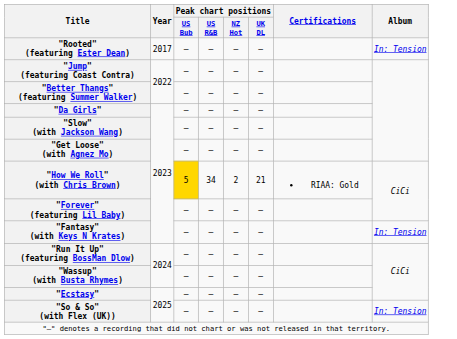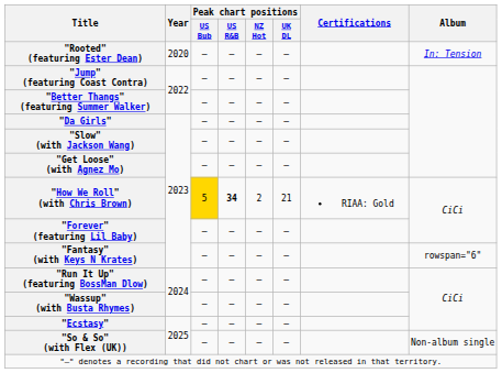 <table class="wikitable plainrowheaders" style="text-align:center;">
 <tr>
 <th scope="col" rowspan="2" style="width:18em;">Title</th>
 <th scope="col" rowspan="2">Year</th>
 <th scope="col" colspan="4">Peak chart positions</th>
 <th scope="col" rowspan="2" style="width:12em;"><a href='#'>Certifications</a></th>
 <th scope="col" rowspan="2">Album</th>
 </tr>
 <tr>
 <th scope="col" style="width:3em;font-size:90%;"><a href='#'>US Bub</a><br></th>
 <th scope="col" style="width:3em;font-size:90%;"><a href='#'>US R&B</a><br></th>
 <th scope="col" style="width:3em;font-size:90%;"><a href='#'>NZ Hot</a><br></th>
 <th scope="col" style="width:3em;font-size:90%;"><a href='#'>UK DL</a><br></th>
 </tr>
 <tr>
 <th scope="row">"Rooted"<br><span>(featuring <a href='#'>Ester Dean</a>)</span></th>
-<td>2017</td>
+<td>2020</td>
 <td>—</td>
 <td>—</td>
 <td>—</td>
 <td>—</td>
 <td></td>
 <td><em><a href='#'>In: Tension</a></em></td>
 </tr>
 <tr>
 <th scope="row">"<a href='#'>Jump</a>"<br><span>(featuring Coast Contra)</span></th>
 <td rowspan="2">2022</td>
 <td>—</td>
 <td>—</td>
 <td>—</td>
 <td>—</td>
 <td></td>
 </tr>
 <tr>
 <th scope="row">"<a href='#'>Better Thangs</a>"<br><span>(featuring <a href='#'>Summer Walker</a>)</span></th>
 <td>—</td>
 <td>—</td>
 <td>—</td>
 <td>—</td>
 <td></td>
 </tr>
 <tr>
 <th scope="row">"<a href='#'>Da Girls</a>"</th>
 <td rowspan="6">2023</td>
 <td>—</td>
 <td>—</td>
 <td>—</td>
 <td>—</td>
 <td></td>
 </tr>
 <tr>
 <th scope="row">"Slow"<br><span>(with <a href='#'>Jackson Wang</a>)</span></th>
 <td>—</td>
 <td>—</td>
 <td>—</td>
 <td>—</td>
 <td></td>
 </tr>
 <tr>
 <th scope="row">"Get Loose"<br><span>(with <a href='#'>Agnez Mo</a>)</span></th>
 <td>—</td>
 <td>—</td>
 <td>—</td>
 <td>—</td>
 <td></td>
 </tr>
 <tr>
 <th scope="row">"<a href='#'>How We Roll</a>"<br><span>(with <a href='#'>Chris Brown</a>)</span></th>
 <td style="background: gold;">5</td>
-<td>34</td>
+<td><strong>34</strong></td>
 <td>2</td>
 <td>21</td>
 <td><br><ul><li>RIAA: Gold</li></ul></td>
 <td rowspan="2"><em>CiCi</em></td>
 </tr>
 <tr>
 <th scope="row">"<a href='#'>Forever</a>"<br><span>(featuring <a href='#'>Lil Baby</a>)</span></th>
 <td>—</td>
 <td>—</td>
 <td>—</td>
 <td>—</td>
 <td></td>
 </tr>
 <tr>
 <th scope="row">"Fantasy"<br><span>(with <a href='#'>Keys N Krates</a>)</span></th>
 <td>—</td>
 <td>—</td>
 <td>—</td>
 <td>—</td>
 <td></td>
-<td><em><a href='#'>In: Tension</a></em></td>
+<td>rowspan="6" </td>
 </tr>
 <tr>
 <th scope="row">"Run It Up"<br><span>(featuring <a href='#'>BossMan Dlow</a>)</span></th>
 <td rowspan="2">2024</td>
 <td>—</td>
 <td>—</td>
 <td>—</td>
 <td>—</td>
 <td></td>
 <td rowspan="3"><em>CiCi</em></td>
 </tr>
 <tr>
 <th scope="row">"Wassup" <br><span>(with <a href='#'>Busta Rhymes</a>)</span></th>
 <td>—</td>
 <td>—</td>
 <td>—</td>
 <td>—</td>
 <td></td>
 </tr>
 <tr>
 <th scope="row">"<a href='#'>Ecstasy</a>"</th>
 <td rowspan="2">2025</td>
 <td>—</td>
 <td>—</td>
 <td>—</td>
 <td>—</td>
 <td></td>
 </tr>
 <tr>
 <th scope="row">"So & So"<br><span>(with Flex (UK))</span></th>
 <td>—</td>
 <td>—</td>
 <td>—</td>
 <td>—</td>
 <td></td>
-<td><em><a href='#'>In: Tension</a></em></td>
+<td>Non-album single</td>
 </tr>
 <tr>
 <td colspan="14" style="font-size:90%">"—" denotes a recording that did not chart or was not released in that territory.</td>
 </tr>
 </table>
